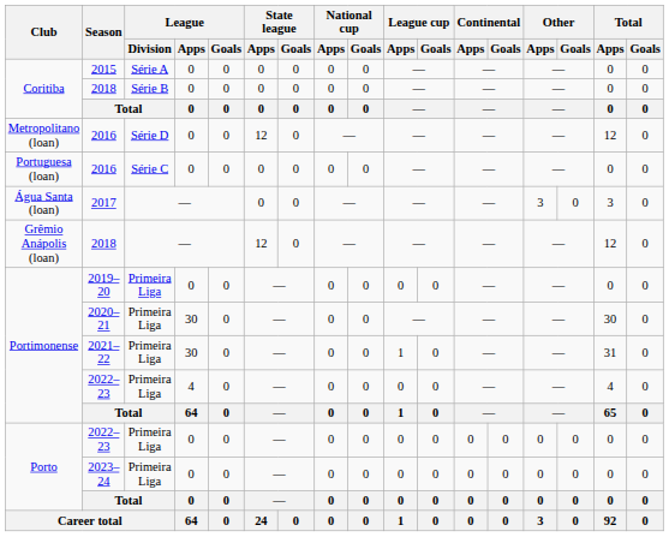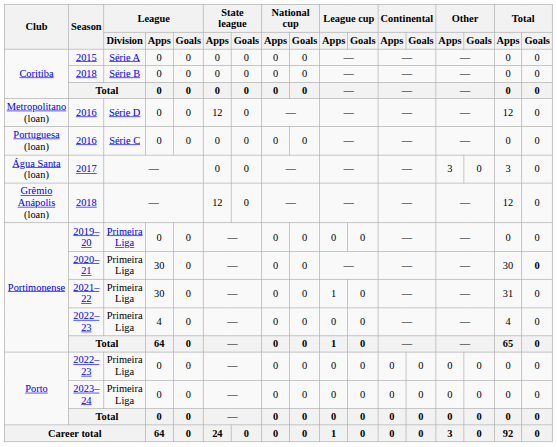 <table class="wikitable" style="text-align: center">
 <tr>
 <th rowspan="2">Club</th>
 <th rowspan="2">Season</th>
 <th colspan="3">League</th>
 <th colspan="2">State league</th>
 <th colspan="2">National cup</th>
 <th colspan="2">League cup</th>
 <th colspan="2">Continental</th>
 <th colspan="2">Other</th>
 <th colspan="2">Total</th>
 </tr>
 <tr>
 <th>Division</th>
 <th>Apps</th>
 <th>Goals</th>
 <th>Apps</th>
 <th>Goals</th>
 <th>Apps</th>
 <th>Goals</th>
 <th>Apps</th>
 <th>Goals</th>
 <th>Apps</th>
 <th>Goals</th>
 <th>Apps</th>
 <th>Goals</th>
 <th>Apps</th>
 <th>Goals</th>
 </tr>
 <tr>
 <td rowspan="3"><a href='#'>Coritiba</a></td>
 <td><a href='#'>2015</a></td>
 <td><a href='#'>Série A</a></td>
 <td>0</td>
 <td>0</td>
 <td>0</td>
 <td>0</td>
 <td>0</td>
 <td>0</td>
 <td colspan="2">—</td>
 <td colspan="2">—</td>
 <td colspan="2">—</td>
 <td>0</td>
 <td>0</td>
 </tr>
 <tr>
 <td><a href='#'>2018</a></td>
 <td><a href='#'>Série B</a></td>
 <td>0</td>
 <td>0</td>
 <td>0</td>
 <td>0</td>
 <td>0</td>
 <td>0</td>
 <td colspan="2">—</td>
 <td colspan="2">—</td>
 <td colspan="2">—</td>
 <td>0</td>
 <td>0</td>
 </tr>
 <tr>
 <th colspan="2">Total</th>
 <th>0</th>
 <th>0</th>
 <th>0</th>
 <th>0</th>
 <th>0</th>
 <th>0</th>
 <th colspan="2">—</th>
 <th colspan="2">—</th>
 <th colspan="2">—</th>
 <th>0</th>
 <th>0</th>
 </tr>
 <tr>
 <td><a href='#'>Metropolitano</a> (loan)</td>
 <td><a href='#'>2016</a></td>
 <td><a href='#'>Série D</a></td>
 <td>0</td>
 <td>0</td>
 <td>12</td>
 <td>0</td>
 <td colspan="2">—</td>
 <td colspan="2">—</td>
 <td colspan="2">—</td>
 <td colspan="2">—</td>
 <td>12</td>
 <td>0</td>
 </tr>
 <tr>
 <td><a href='#'>Portuguesa</a> (loan)</td>
 <td><a href='#'>2016</a></td>
 <td><a href='#'>Série C</a></td>
 <td>0</td>
 <td>0</td>
 <td>0</td>
 <td>0</td>
 <td>0</td>
 <td>0</td>
 <td colspan="2">—</td>
 <td colspan="2">—</td>
 <td colspan="2">—</td>
 <td>0</td>
 <td>0</td>
 </tr>
 <tr>
 <td><a href='#'>Água Santa</a> (loan)</td>
 <td><a href='#'>2017</a></td>
 <td colspan="3">—</td>
 <td>0</td>
 <td>0</td>
 <td colspan="2">—</td>
 <td colspan="2">—</td>
 <td colspan="2">—</td>
 <td>3</td>
 <td>0</td>
 <td>3</td>
 <td>0</td>
 </tr>
 <tr>
 <td><a href='#'>Grêmio Anápolis</a> (loan)</td>
 <td><a href='#'>2018</a></td>
 <td colspan="3">—</td>
 <td>12</td>
 <td>0</td>
 <td colspan="2">—</td>
 <td colspan="2">—</td>
 <td colspan="2">—</td>
 <td colspan="2">—</td>
 <td>12</td>
 <td>0</td>
 </tr>
 <tr>
 <td rowspan="5"><a href='#'>Portimonense</a></td>
 <td><a href='#'>2019–20</a></td>
 <td><a href='#'>Primeira Liga</a></td>
 <td>0</td>
 <td>0</td>
 <td colspan="2">—</td>
 <td>0</td>
 <td>0</td>
 <td>0</td>
 <td>0</td>
 <td colspan="2">—</td>
 <td colspan="2">—</td>
 <td>0</td>
 <td>0</td>
 </tr>
 <tr>
 <td><a href='#'>2020–21</a></td>
 <td>Primeira Liga</td>
 <td>30</td>
 <td>0</td>
 <td colspan="2">—</td>
 <td>0</td>
 <td>0</td>
 <td colspan="2">—</td>
 <td colspan="2">—</td>
 <td colspan="2">—</td>
 <td>30</td>
-<td>0</td>
+<td><strong>0</strong></td>
 </tr>
 <tr>
 <td><a href='#'>2021–22</a></td>
 <td>Primeira Liga</td>
 <td>30</td>
 <td>0</td>
 <td colspan="2">—</td>
 <td>0</td>
 <td>0</td>
 <td>1</td>
 <td>0</td>
 <td colspan="2">—</td>
 <td colspan="2">—</td>
 <td>31</td>
 <td>0</td>
 </tr>
 <tr>
 <td><a href='#'>2022–23</a></td>
 <td>Primeira Liga</td>
 <td>4</td>
 <td>0</td>
 <td colspan="2">—</td>
 <td>0</td>
 <td>0</td>
 <td>0</td>
 <td>0</td>
 <td colspan="2">—</td>
 <td colspan="2">—</td>
 <td>4</td>
 <td>0</td>
 </tr>
 <tr>
 <th colspan="2">Total</th>
 <th>64</th>
 <th>0</th>
 <th colspan="2">—</th>
 <th>0</th>
 <th>0</th>
 <th>1</th>
 <th>0</th>
 <th colspan="2">—</th>
 <th colspan="2">—</th>
 <th>65</th>
 <th>0</th>
 </tr>
 <tr>
 <td rowspan="3"><a href='#'>Porto</a></td>
 <td><a href='#'>2022–23</a></td>
 <td>Primeira Liga</td>
 <td>0</td>
 <td>0</td>
 <td colspan="2">—</td>
 <td>0</td>
 <td>0</td>
 <td>0</td>
 <td>0</td>
 <td>0</td>
 <td>0</td>
 <td>0</td>
 <td>0</td>
 <td>0</td>
 <td>0</td>
 </tr>
 <tr>
 <td><a href='#'>2023–24</a></td>
 <td>Primeira Liga</td>
 <td>0</td>
 <td>0</td>
 <td colspan="2">—</td>
 <td>0</td>
 <td>0</td>
 <td>0</td>
 <td>0</td>
 <td>0</td>
 <td>0</td>
 <td>0</td>
 <td>0</td>
 <td>0</td>
 <td>0</td>
 </tr>
 <tr>
 <th colspan="2">Total</th>
 <th>0</th>
 <th>0</th>
 <th colspan="2">—</th>
 <th>0</th>
 <th>0</th>
 <th>0</th>
 <th>0</th>
 <th>0</th>
 <th>0</th>
 <th>0</th>
 <th>0</th>
 <th>0</th>
 <th>0</th>
 </tr>
 <tr>
 <th colspan="3">Career total</th>
 <th>64</th>
 <th>0</th>
 <th>24</th>
 <th>0</th>
 <th>0</th>
 <th>0</th>
 <th>1</th>
 <th>0</th>
 <th>0</th>
 <th>0</th>
 <th>3</th>
 <th>0</th>
 <th>92</th>
 <th>0</th>
 </tr>
 </table>
